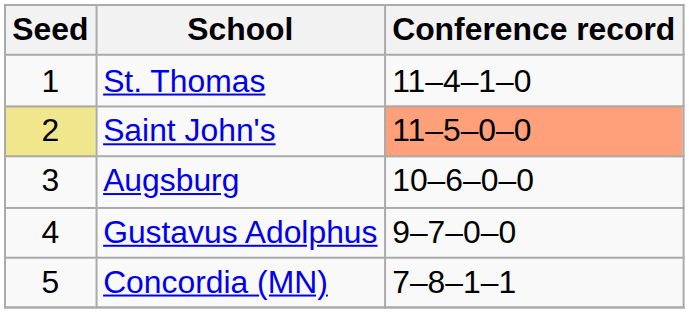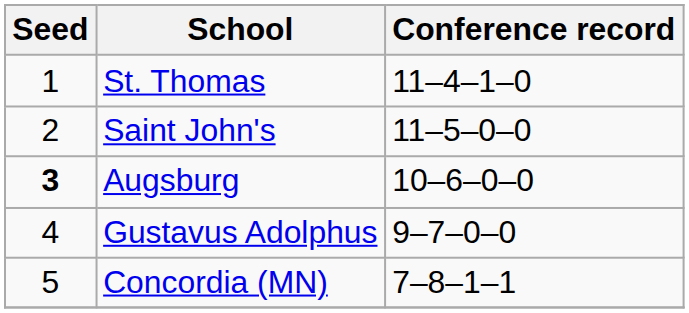 <table class="wikitable">
 <tr>
 <th>Seed</th>
 <th>School</th>
 <th>Conference record</th>
 </tr>
 <tr>
 <td align=center>1</td>
 <td><a href='#'>St. Thomas</a></td>
 <td>11–4–1–0</td>
 </tr>
 <tr>
-<td align=center style="background: khaki;">2</td>
+<td align=center>2</td>
 <td><a href='#'>Saint John's</a></td>
-<td style="background: lightsalmon;">11–5–0–0</td>
+<td>11–5–0–0</td>
 </tr>
 <tr>
-<td align=center>3</td>
+<td align=center><strong>3</strong></td>
 <td><a href='#'>Augsburg</a></td>
 <td>10–6–0–0</td>
 </tr>
 <tr>
 <td align=center>4</td>
 <td><a href='#'>Gustavus Adolphus</a></td>
 <td>9–7–0–0</td>
 </tr>
 <tr>
 <td align=center>5</td>
 <td><a href='#'>Concordia (MN)</a></td>
 <td>7–8–1–1</td>
 </tr>
 <tr>
 </tr>
 </table>
